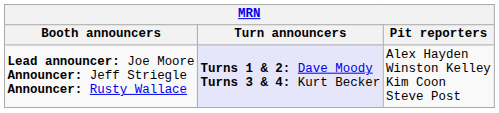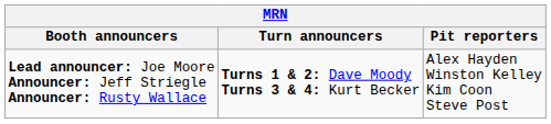 <table class="wikitable" style="font-size: 95%">
 <tr>
 <th colspan="3"><a href='#'>MRN</a></th>
 </tr>
 <tr>
 <th>Booth announcers</th>
 <th>Turn announcers</th>
 <th>Pit reporters</th>
 </tr>
 <tr>
 <td><strong>Lead announcer:</strong> Joe Moore<br><strong>Announcer:</strong> Jeff Striegle<br><strong>Announcer:</strong> <a href='#'>Rusty Wallace</a></td>
-<td style="background: lavender;"><strong>Turns 1 & 2:</strong> <a href='#'>Dave Moody</a><br><strong>Turns 3 & 4:</strong> Kurt Becker</td>
+<td><strong>Turns 1 & 2:</strong> <a href='#'>Dave Moody</a><br><strong>Turns 3 & 4:</strong> Kurt Becker</td>
 <td>Alex Hayden<br>Winston Kelley<br>Kim Coon<br>Steve Post</td>
 </tr>
 </table>
